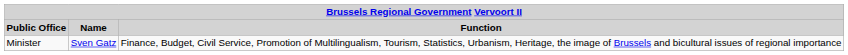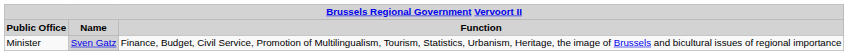 <table class="wikitable">
 <tr>
 <th style="background:LightGrey;" colspan="3"><a href='#'>Brussels Regional Government</a> <a href='#'>Vervoort II</a></th>
 </tr>
 <tr>
 <th style="background:LightGrey;">Public Office</th>
 <th style="background:LightGrey;">Name</th>
 <th style="background:LightGrey;">Function</th>
 </tr>
 <tr>
 <td>Minister</td>
-<td><a href='#'>Sven Gatz</a></td>
+<td style="background: lightgrey;"><a href='#'>Sven Gatz</a></td>
 <td>Finance, Budget, Civil Service, Promotion of Multilingualism, Tourism, Statistics, Urbanism, Heritage, the image of <a href='#'>Brussels</a> and bicultural issues of regional importance</td>
 </tr>
 </table>
